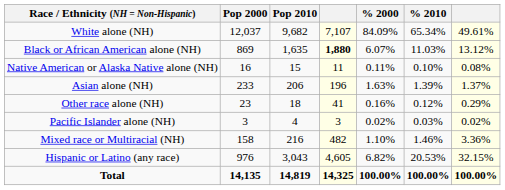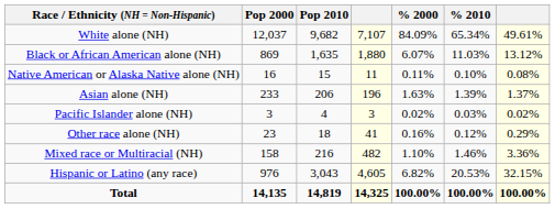 <table class="wikitable" style="text-align:center;">
 <tr>
 <th>Race / Ethnicity <small>(<em>NH = Non-Hispanic</em>)</small></th>
 <th>Pop 2000</th>
 <th>Pop 2010</th>
 <th></th>
 <th>% 2000</th>
 <th>% 2010</th>
 <th></th>
 </tr>
 <tr>
 <td><a href='#'>White</a> alone (NH)</td>
 <td>12,037</td>
 <td>9,682</td>
 <td style='background: #ffffe6;'>7,107</td>
 <td>84.09%</td>
 <td>65.34%</td>
 <td style='background: #ffffe6;'>49.61%</td>
 </tr>
 <tr>
 <td><a href='#'>Black or African American</a> alone (NH)</td>
 <td>869</td>
 <td>1,635</td>
-<td style='background: #ffffe6;'><strong>1,880</strong></td>
+<td style='background: #ffffe6;'>1,880</td>
 <td>6.07%</td>
 <td>11.03%</td>
 <td style='background: #ffffe6;'>13.12%</td>
 </tr>
 <tr>
 <td><a href='#'>Native American</a> or <a href='#'>Alaska Native</a> alone (NH)</td>
 <td>16</td>
 <td>15</td>
 <td style='background: #ffffe6;'>11</td>
 <td>0.11%</td>
 <td>0.10%</td>
 <td style='background: #ffffe6;'>0.08%</td>
 </tr>
 <tr>
 <td><a href='#'>Asian</a> alone (NH)</td>
 <td>233</td>
 <td>206</td>
 <td style='background: #ffffe6;'>196</td>
 <td>1.63%</td>
 <td>1.39%</td>
 <td style='background: #ffffe6;'>1.37%</td>
 </tr>
 <tr>
+<td><a href='#'>Pacific Islander</a> alone (NH)</td>
+<td>3</td>
+<td>4</td>
+<td style='background: #ffffe6;'>3</td>
+<td>0.02%</td>
+<td>0.03%</td>
+<td style='background: #ffffe6;'>0.02%</td>
+</tr>
+<tr>
 <td><a href='#'>Other race</a> alone (NH)</td>
 <td>23</td>
 <td>18</td>
 <td style='background: #ffffe6;'>41</td>
 <td>0.16%</td>
 <td>0.12%</td>
 <td style='background: #ffffe6;'>0.29%</td>
-</tr>
-<tr>
-<td><a href='#'>Pacific Islander</a> alone (NH)</td>
-<td>3</td>
-<td>4</td>
-<td style='background: #ffffe6;'>3</td>
-<td>0.02%</td>
-<td>0.03%</td>
-<td style='background: #ffffe6;'>0.02%</td>
 </tr>
 <tr>
 <td><a href='#'>Mixed race or Multiracial</a> (NH)</td>
 <td>158</td>
 <td>216</td>
 <td style='background: #ffffe6;'>482</td>
 <td>1.10%</td>
 <td>1.46%</td>
 <td style='background: #ffffe6;'>3.36%</td>
 </tr>
 <tr>
 <td><a href='#'>Hispanic or Latino</a> (any race)</td>
 <td>976</td>
 <td>3,043</td>
 <td style='background: #ffffe6;'>4,605</td>
 <td>6.82%</td>
 <td>20.53%</td>
 <td style='background: #ffffe6;'>32.15%</td>
 </tr>
 <tr>
 <td><strong>Total</strong></td>
 <td><strong>14,135</strong></td>
 <td><strong>14,819</strong></td>
 <td style='background: #ffffe6;'><strong>14,325</strong></td>
 <td><strong>100.00%</strong></td>
 <td><strong>100.00%</strong></td>
 <td style='background: #ffffe6;'><strong>100.00%</strong></td>
 </tr>
 </table>
